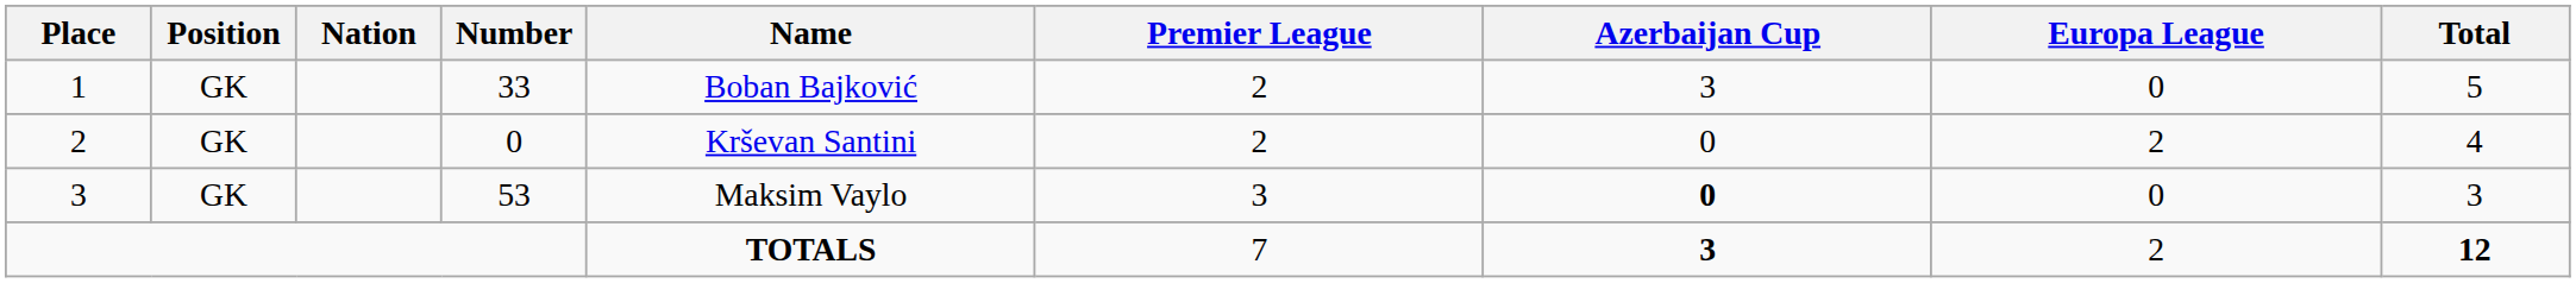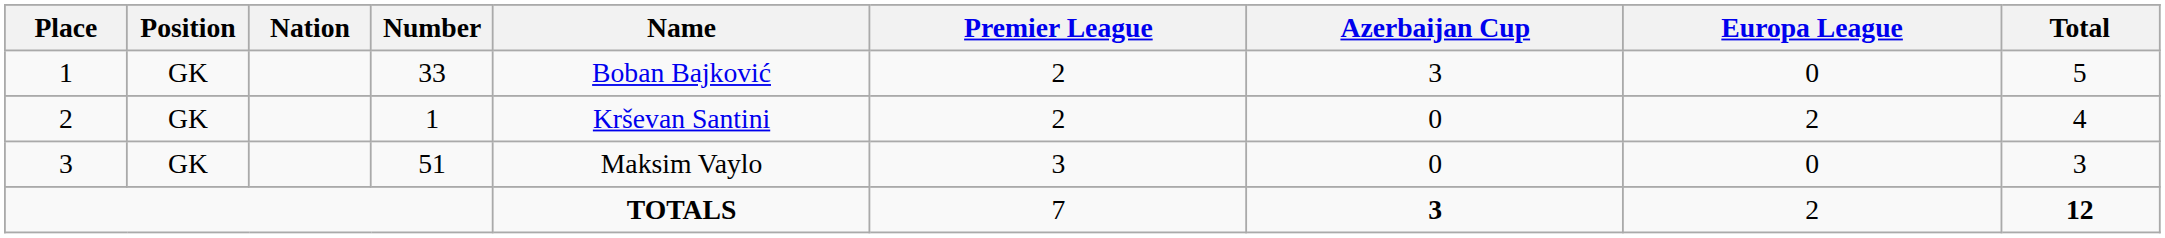 <table class="wikitable" style="font-size: 95%; text-align: center;">
 <tr>
 <th width=60>Place</th>
 <th width=60>Position</th>
 <th width=60>Nation</th>
 <th width=60>Number</th>
 <th width=200>Name</th>
 <th width=200><a href='#'>Premier League</a></th>
 <th width=200><a href='#'>Azerbaijan Cup</a></th>
 <th width=200><a href='#'>Europa League</a></th>
 <th width=80><strong>Total</strong></th>
 </tr>
 <tr>
 <td>1</td>
 <td>GK</td>
 <td></td>
 <td>33</td>
 <td><a href='#'>Boban Bajković</a></td>
 <td>2</td>
 <td>3</td>
 <td>0</td>
 <td>5</td>
 </tr>
 <tr>
 <td>2</td>
 <td>GK</td>
 <td></td>
-<td>0</td>
+<td>1</td>
 <td><a href='#'>Krševan Santini</a></td>
 <td>2</td>
 <td>0</td>
 <td>2</td>
 <td>4</td>
 </tr>
 <tr>
 <td>3</td>
 <td>GK</td>
 <td></td>
-<td>53</td>
+<td>51</td>
 <td>Maksim Vaylo</td>
 <td>3</td>
-<td><strong>0</strong></td>
+<td>0</td>
 <td>0</td>
 <td>3</td>
 </tr>
 <tr>
 <td colspan="4"></td>
 <td><strong>TOTALS</strong></td>
 <td>7</td>
 <td><strong>3</strong></td>
 <td>2</td>
 <td><strong>12</strong></td>
 </tr>
 </table>
